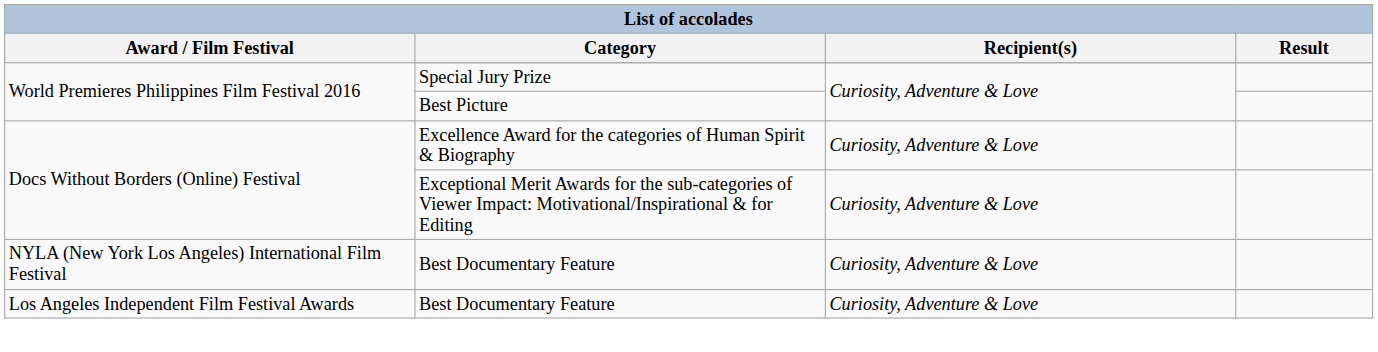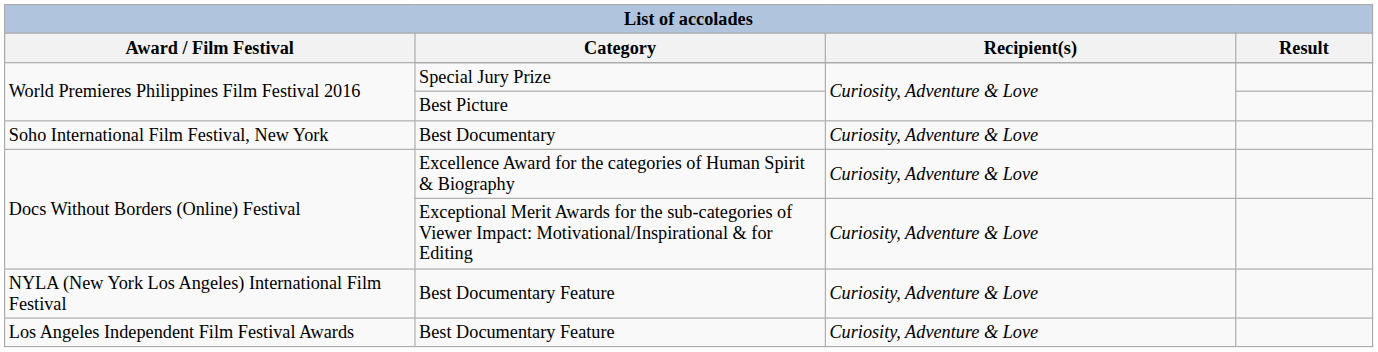 <table class="wikitable sortable" style="width:95%;">
 <tr style="background:#ccc; text-align:center;">
 <th colspan="4" style="background:#B0C4DE;">List of accolades</th>
 </tr>
 <tr style="background:#ccc; text-align:center;">
 <th scope="col" style="width:30%;">Award / Film Festival</th>
 <th scope="col" style="width:30%;">Category</th>
 <th scope="col" style="width:30%;">Recipient(s)</th>
 <th scope="col" style="width:10%;">Result</th>
 </tr>
 <tr>
 <td rowspan=3>World Premieres Philippines Film Festival 2016</td>
 </tr>
 <tr>
 <td>Special Jury Prize</td>
 <td rowspan="2"><em>Curiosity, Adventure & Love</em></td>
 <td></td>
 </tr>
 <tr>
 <td>Best Picture</td>
+<td></td>
+</tr>
+<tr>
+<td>Soho International Film Festival, New York</td>
+<td>Best Documentary</td>
+<td><em>Curiosity, Adventure & Love</em></td>
 <td></td>
 </tr>
 <tr>
 <td rowspan=2>Docs Without Borders (Online) Festival</td>
 <td>Excellence Award for the categories of Human Spirit & Biography</td>
 <td><em>Curiosity, Adventure & Love</em></td>
 <td></td>
 </tr>
 <tr>
 <td>Exceptional Merit Awards for the sub-categories of Viewer Impact: Motivational/Inspirational & for Editing</td>
 <td><em>Curiosity, Adventure & Love</em></td>
 <td></td>
 </tr>
 <tr>
 <td>NYLA (New York Los Angeles) International Film Festival</td>
 <td>Best Documentary Feature</td>
 <td><em>Curiosity, Adventure & Love</em></td>
 <td></td>
 </tr>
 <tr>
 <td>Los Angeles Independent Film Festival Awards</td>
 <td>Best Documentary Feature</td>
 <td><em>Curiosity, Adventure & Love</em></td>
 <td></td>
 </tr>
 </table>
